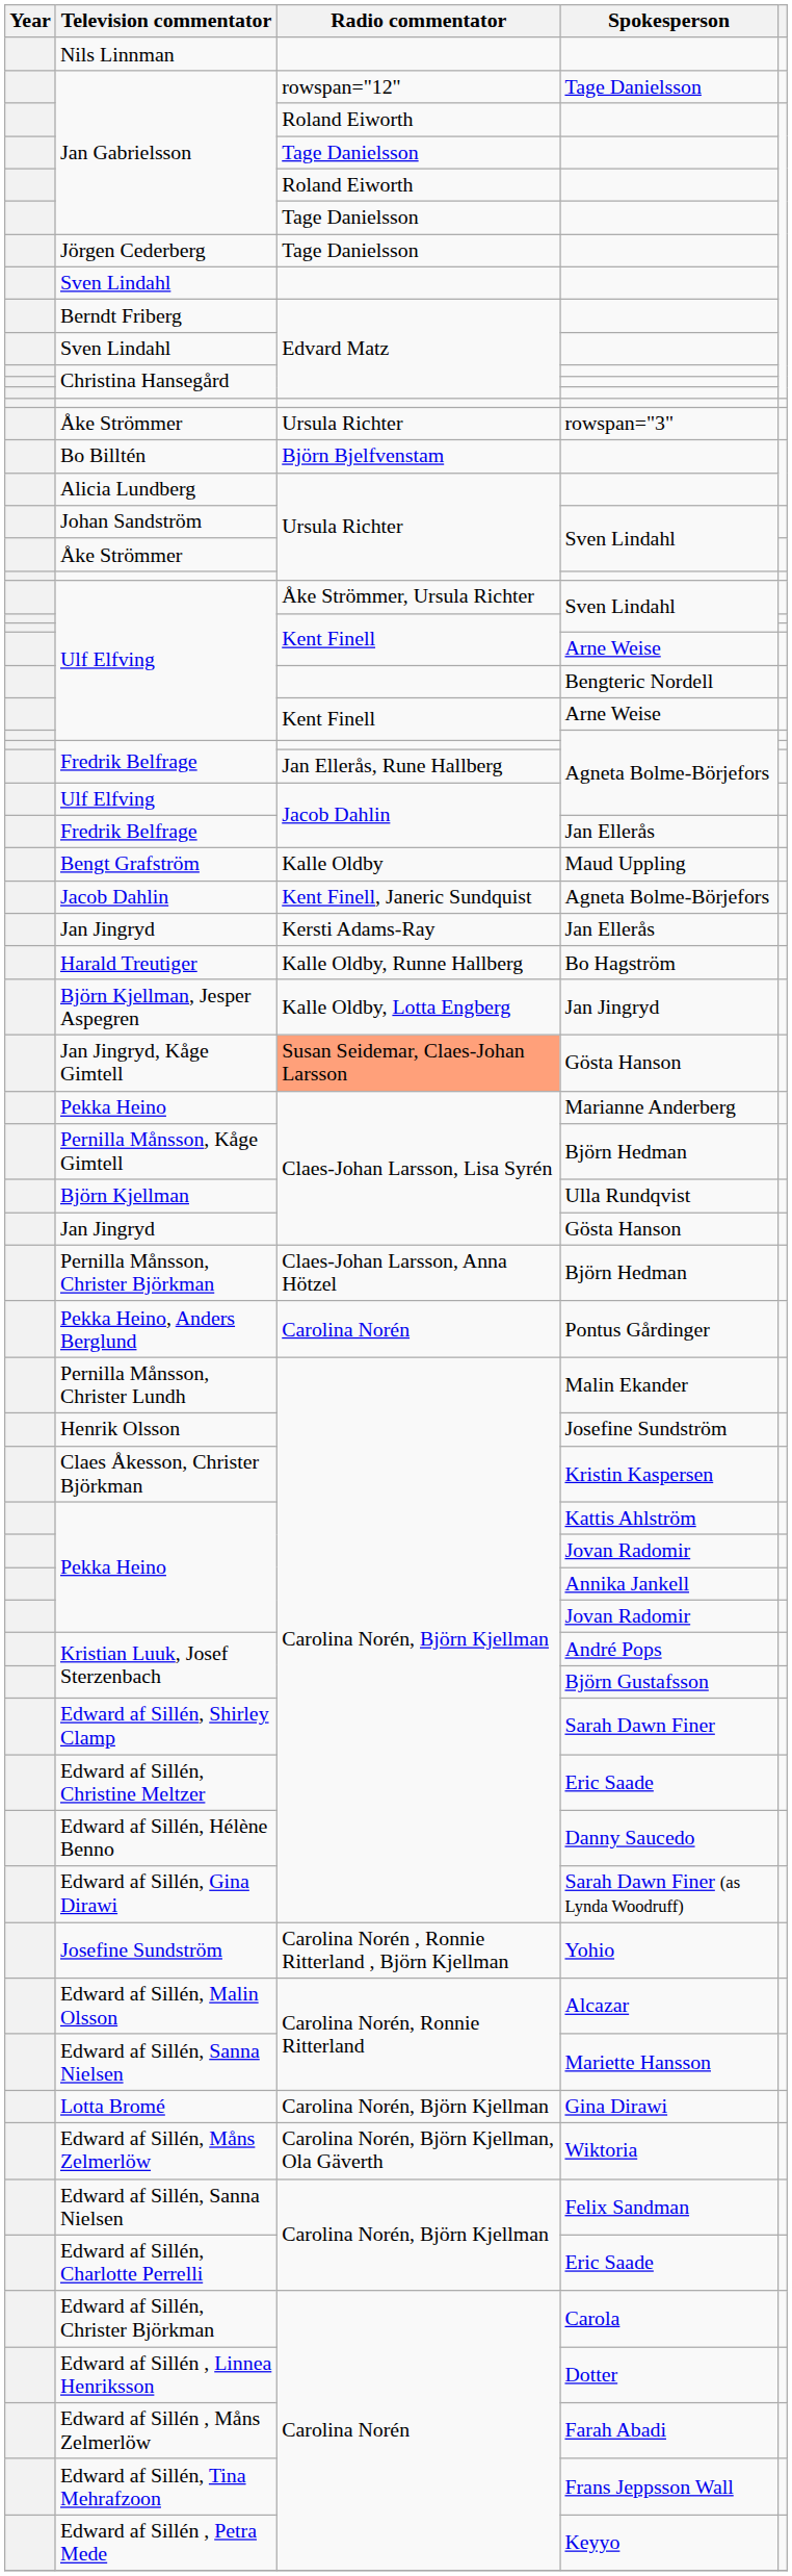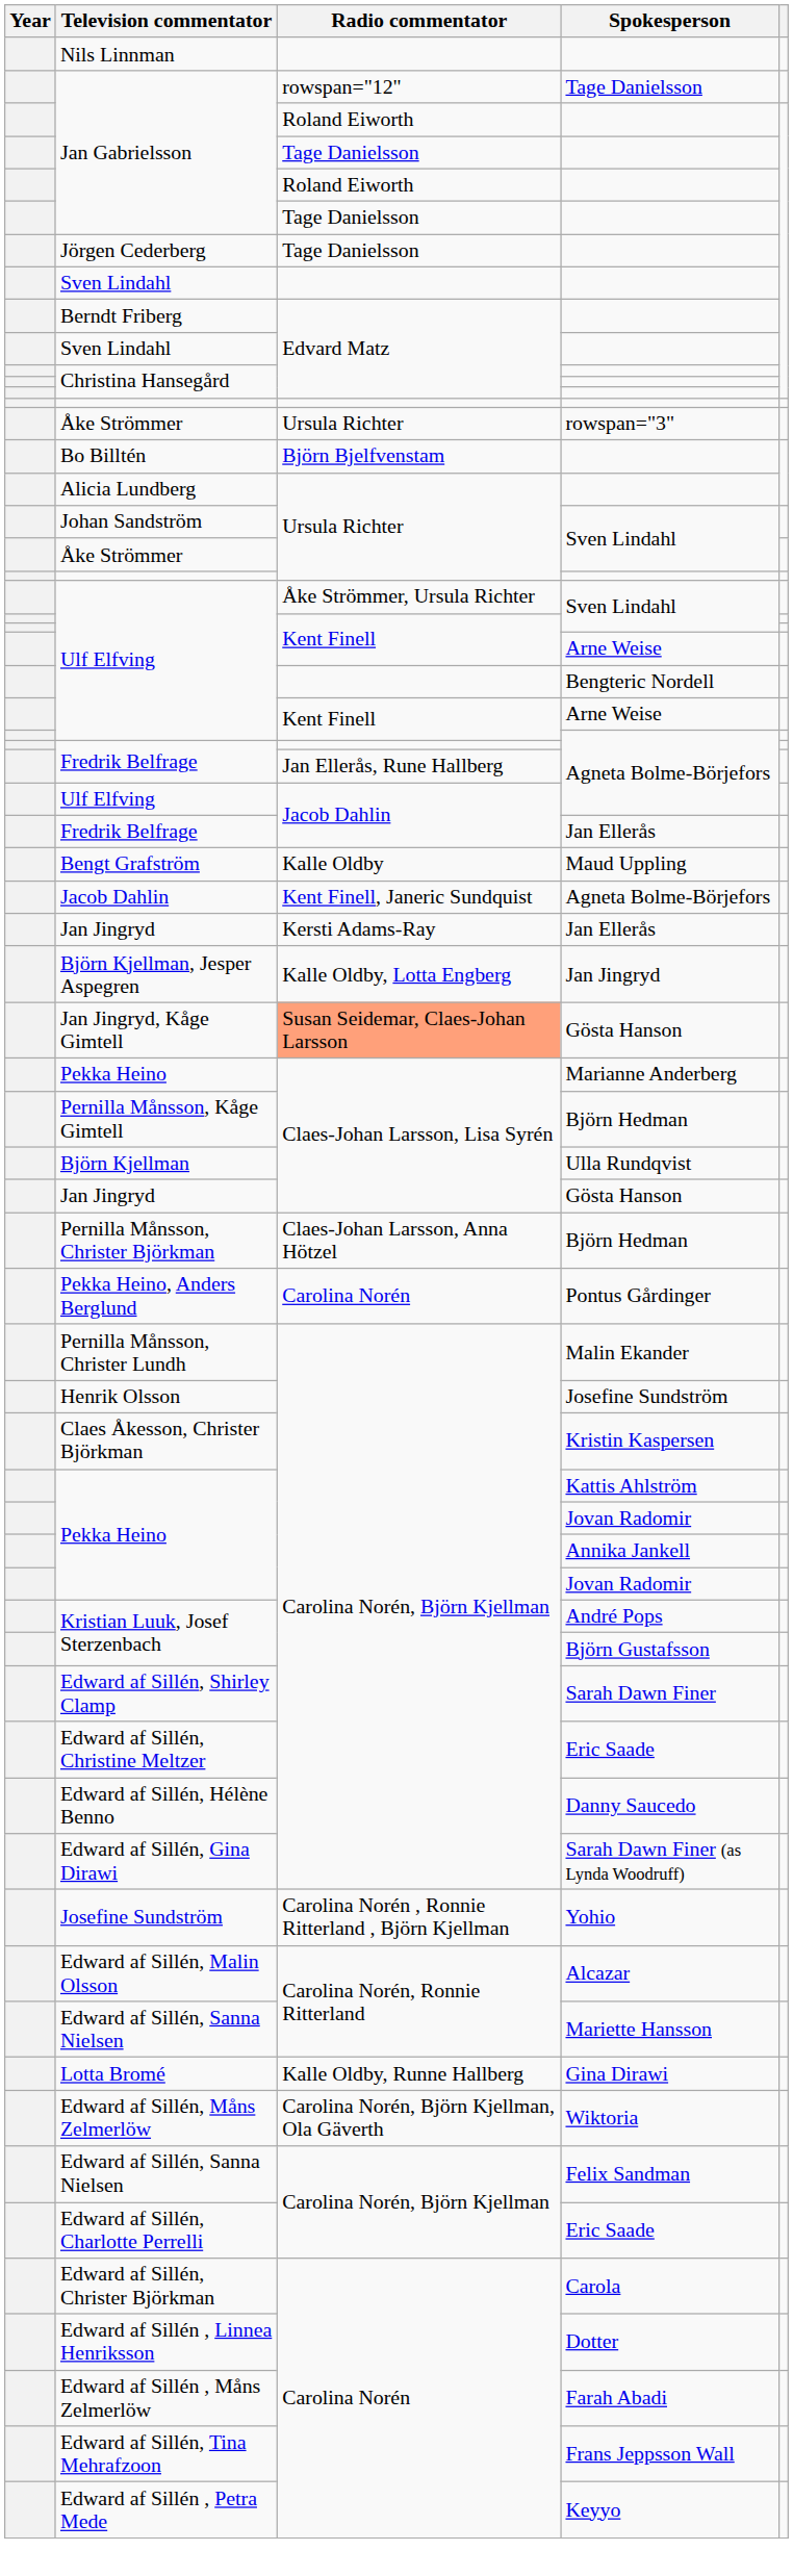 <table class="wikitable plainrowheaders sortable">
 <tr>
 <th>Year</th>
 <th>Television commentator</th>
 <th>Radio commentator</th>
 <th>Spokesperson</th>
 <th class="unsortable"></th>
 </tr>
 <tr>
 <th scope="row"></th>
 <td>Nils Linnman</td>
 <td></td>
 <td></td>
 <td></td>
 </tr>
 <tr>
 <th scope="row"></th>
 <td rowspan="5">Jan Gabrielsson</td>
 <td>rowspan="12" </td>
 <td><a href='#'>Tage Danielsson</a></td>
 <td></td>
 </tr>
 <tr>
 <th scope="row"></th>
 <td>Roland Eiworth</td>
 <td></td>
 </tr>
 <tr>
 <th scope="row"></th>
 <td><a href='#'>Tage Danielsson</a></td>
 <td></td>
 </tr>
 <tr>
 <th scope="row"></th>
 <td>Roland Eiworth</td>
 <td></td>
 </tr>
 <tr>
 <th scope="row"></th>
 <td>Tage Danielsson</td>
 <td></td>
 </tr>
 <tr>
 <th scope="row"></th>
 <td>Jörgen Cederberg</td>
 <td>Tage Danielsson</td>
 <td></td>
 </tr>
 <tr>
 <th scope="row"></th>
 <td><a href='#'>Sven Lindahl</a></td>
 <td></td>
 <td></td>
 </tr>
 <tr>
 <th scope="row"></th>
 <td>Berndt Friberg</td>
 <td rowspan="5">Edvard Matz</td>
 <td></td>
 </tr>
 <tr>
 <th scope="row"></th>
 <td>Sven Lindahl</td>
 <td></td>
 </tr>
 <tr>
 <th scope="row"></th>
 <td rowspan="3">Christina Hansegård</td>
 <td></td>
 </tr>
 <tr>
 <th scope="row"></th>
 <td></td>
 </tr>
 <tr>
 <th scope="row"></th>
 <td></td>
 </tr>
 <tr>
 <th scope="row"></th>
 <td></td>
 <td></td>
 <td></td>
 <td></td>
 </tr>
 <tr>
 <th scope="row"></th>
 <td>Åke Strömmer</td>
 <td>Ursula Richter</td>
 <td>rowspan="3" </td>
 <td></td>
 </tr>
 <tr>
 <th scope="row"></th>
 <td>Bo Billtén</td>
 <td><a href='#'>Björn Bjelfvenstam</a></td>
 <td></td>
 </tr>
 <tr>
 <th scope="row"></th>
 <td>Alicia Lundberg</td>
 <td rowspan="4">Ursula Richter</td>
 <td></td>
 </tr>
 <tr>
 <th scope="row"></th>
 <td>Johan Sandström</td>
 <td rowspan="2">Sven Lindahl</td>
 <td></td>
 </tr>
 <tr>
 <th scope="row"></th>
 <td>Åke Strömmer</td>
 <td></td>
 </tr>
 <tr>
 <th scope="row"></th>
 <td></td>
 <td></td>
 <td></td>
 </tr>
 <tr>
 <th scope="row"></th>
 <td rowspan="7"><a href='#'>Ulf Elfving</a></td>
 <td>Åke Strömmer, Ursula Richter</td>
 <td rowspan="3">Sven Lindahl</td>
 <td></td>
 </tr>
 <tr>
 <th scope="row"></th>
 <td rowspan="3"><a href='#'>Kent Finell</a></td>
 <td></td>
 </tr>
 <tr>
 <th scope="row"></th>
 <td></td>
 </tr>
 <tr>
 <th scope="row"></th>
 <td><a href='#'>Arne Weise</a></td>
 <td></td>
 </tr>
 <tr>
 <th scope="row"></th>
 <td></td>
 <td>Bengteric Nordell</td>
 <td></td>
 </tr>
 <tr>
 <th scope="row"></th>
 <td rowspan="2">Kent Finell</td>
 <td>Arne Weise</td>
 <td></td>
 </tr>
 <tr>
 <th scope="row"></th>
 <td rowspan="4">Agneta Bolme-Börjefors</td>
 <td></td>
 </tr>
 <tr>
 <th scope="row"></th>
 <td rowspan="2"><a href='#'>Fredrik Belfrage</a></td>
 <td></td>
 <td></td>
 </tr>
 <tr>
 <th scope="row"></th>
 <td>Jan Ellerås, Rune Hallberg</td>
 <td></td>
 </tr>
 <tr>
 <th scope="row"></th>
 <td><a href='#'>Ulf Elfving</a></td>
 <td rowspan="2"><a href='#'>Jacob Dahlin</a></td>
 <td></td>
 </tr>
 <tr>
 <th scope="row"></th>
 <td><a href='#'>Fredrik Belfrage</a></td>
 <td>Jan Ellerås</td>
 <td></td>
 </tr>
 <tr>
 <th scope="row"></th>
 <td><a href='#'>Bengt Grafström</a></td>
 <td>Kalle Oldby</td>
 <td>Maud Uppling</td>
 <td></td>
 </tr>
 <tr>
 <th scope="row"></th>
 <td><a href='#'>Jacob Dahlin</a></td>
 <td><a href='#'>Kent Finell</a>, Janeric Sundquist</td>
 <td>Agneta Bolme-Börjefors</td>
 <td></td>
 </tr>
 <tr>
 <th scope="row"></th>
 <td>Jan Jingryd</td>
 <td>Kersti Adams-Ray</td>
 <td>Jan Ellerås</td>
 <td></td>
 </tr>
 <tr>
 <th scope="row"></th>
-<td><a href='#'>Harald Treutiger</a></td>
-<td>Kalle Oldby, Runne Hallberg</td>
-<td>Bo Hagström</td>
-<td></td>
-</tr>
-<tr>
-<th scope="row"></th>
 <td><a href='#'>Björn Kjellman</a>, Jesper Aspegren</td>
 <td>Kalle Oldby, <a href='#'>Lotta Engberg</a></td>
 <td>Jan Jingryd</td>
 <td></td>
 </tr>
 <tr>
 <th scope="row"></th>
 <td>Jan Jingryd, Kåge Gimtell</td>
 <td style="background: lightsalmon;">Susan Seidemar, Claes-Johan Larsson</td>
 <td>Gösta Hanson</td>
 <td></td>
 </tr>
 <tr>
 <th scope="row"></th>
 <td><a href='#'>Pekka Heino</a></td>
 <td rowspan="4">Claes-Johan Larsson, Lisa Syrén</td>
 <td>Marianne Anderberg</td>
 <td></td>
 </tr>
 <tr>
 <th scope="row"></th>
 <td><a href='#'>Pernilla Månsson</a>, Kåge Gimtell</td>
 <td>Björn Hedman</td>
 <td></td>
 </tr>
 <tr>
 <th scope="row"></th>
 <td><a href='#'>Björn Kjellman</a></td>
 <td>Ulla Rundqvist</td>
 <td></td>
 </tr>
 <tr>
 <th scope="row"></th>
 <td>Jan Jingryd</td>
 <td>Gösta Hanson</td>
 <td></td>
 </tr>
 <tr>
 <th scope="row"></th>
 <td>Pernilla Månsson, <a href='#'>Christer Björkman</a></td>
 <td>Claes-Johan Larsson, Anna Hötzel</td>
 <td>Björn Hedman</td>
 <td></td>
 </tr>
 <tr>
 <th scope="row"></th>
 <td><a href='#'>Pekka Heino</a>, <a href='#'>Anders Berglund</a></td>
 <td><a href='#'>Carolina Norén</a></td>
 <td>Pontus Gårdinger</td>
 <td></td>
 </tr>
 <tr>
 <th scope="row"></th>
 <td>Pernilla Månsson, Christer Lundh</td>
 <td rowspan="13">Carolina Norén, <a href='#'>Björn Kjellman</a></td>
 <td>Malin Ekander</td>
 <td></td>
 </tr>
 <tr>
 <th scope="row"></th>
 <td>Henrik Olsson</td>
 <td>Josefine Sundström</td>
 <td></td>
 </tr>
 <tr>
 <th scope="row"></th>
 <td>Claes Åkesson, Christer Björkman</td>
 <td><a href='#'>Kristin Kaspersen</a></td>
 <td></td>
 </tr>
 <tr>
 <th scope="row"></th>
 <td rowspan="4"><a href='#'>Pekka Heino</a></td>
 <td><a href='#'>Kattis Ahlström</a></td>
 <td></td>
 </tr>
 <tr>
 <th scope="row"></th>
 <td><a href='#'>Jovan Radomir</a></td>
 <td></td>
 </tr>
 <tr>
 <th scope="row"></th>
 <td><a href='#'>Annika Jankell</a></td>
 <td></td>
 </tr>
 <tr>
 <th scope="row"></th>
 <td><a href='#'>Jovan Radomir</a></td>
 <td></td>
 </tr>
 <tr>
 <th scope="row"></th>
 <td rowspan="2"><a href='#'>Kristian Luuk</a>, Josef Sterzenbach</td>
 <td><a href='#'>André Pops</a></td>
 <td></td>
 </tr>
 <tr>
 <th scope="row"></th>
 <td><a href='#'>Björn Gustafsson</a></td>
 <td></td>
 </tr>
 <tr>
 <th scope="row"></th>
 <td><a href='#'>Edward af Sillén</a>, <a href='#'>Shirley Clamp</a></td>
 <td><a href='#'>Sarah Dawn Finer</a></td>
 <td></td>
 </tr>
 <tr>
 <th scope="row"></th>
 <td>Edward af Sillén, <a href='#'>Christine Meltzer</a></td>
 <td><a href='#'>Eric Saade</a></td>
 <td></td>
 </tr>
 <tr>
 <th scope="row"></th>
 <td>Edward af Sillén, Hélène Benno</td>
 <td><a href='#'>Danny Saucedo</a></td>
 <td></td>
 </tr>
 <tr>
 <th scope="row"></th>
 <td>Edward af Sillén, <a href='#'>Gina Dirawi</a></td>
 <td><a href='#'>Sarah Dawn Finer</a> <small>(as Lynda Woodruff)</small></td>
 <td></td>
 </tr>
 <tr>
 <th scope="row"></th>
 <td><a href='#'>Josefine Sundström</a></td>
 <td>Carolina Norén , Ronnie Ritterland , Björn Kjellman </td>
 <td><a href='#'>Yohio</a></td>
 <td></td>
 </tr>
 <tr>
 <th scope="row"></th>
 <td>Edward af Sillén, <a href='#'>Malin Olsson</a></td>
 <td rowspan="2">Carolina Norén, Ronnie Ritterland</td>
 <td><a href='#'>Alcazar</a></td>
 <td></td>
 </tr>
 <tr>
 <th scope="row"></th>
 <td>Edward af Sillén, <a href='#'>Sanna Nielsen</a></td>
 <td><a href='#'>Mariette Hansson</a></td>
 <td></td>
 </tr>
 <tr>
 <th scope="row"></th>
 <td><a href='#'>Lotta Bromé</a></td>
-<td>Carolina Norén, Björn Kjellman</td>
+<td>Kalle Oldby, Runne Hallberg</td>
 <td><a href='#'>Gina Dirawi</a></td>
 <td></td>
 </tr>
 <tr>
 <th scope="row"></th>
 <td>Edward af Sillén, <a href='#'>Måns Zelmerlöw</a></td>
 <td>Carolina Norén, Björn Kjellman, Ola Gäverth</td>
 <td><a href='#'>Wiktoria</a></td>
 <td></td>
 </tr>
 <tr>
 <th scope="row"></th>
 <td>Edward af Sillén, Sanna Nielsen</td>
 <td rowspan="2">Carolina Norén, Björn Kjellman</td>
 <td><a href='#'>Felix Sandman</a></td>
 <td></td>
 </tr>
 <tr>
 <th scope="row"></th>
 <td>Edward af Sillén, <a href='#'>Charlotte Perrelli</a></td>
 <td><a href='#'>Eric Saade</a></td>
 <td></td>
 </tr>
 <tr>
 <th scope="row"></th>
 <td>Edward af Sillén, Christer Björkman</td>
 <td rowspan="5">Carolina Norén</td>
 <td><a href='#'>Carola</a></td>
 <td></td>
 </tr>
 <tr>
 <th scope="row"></th>
 <td>Edward af Sillén , <a href='#'>Linnea Henriksson</a> </td>
 <td><a href='#'>Dotter</a></td>
 <td></td>
 </tr>
 <tr>
 <th scope="row"></th>
 <td>Edward af Sillén , Måns Zelmerlöw </td>
 <td><a href='#'>Farah Abadi</a></td>
 <td></td>
 </tr>
 <tr>
 <th scope="row"></th>
 <td>Edward af Sillén, <a href='#'>Tina Mehrafzoon</a></td>
 <td><a href='#'>Frans Jeppsson Wall</a></td>
 <td></td>
 </tr>
 <tr>
 <th scope="row"></th>
 <td>Edward af Sillén , <a href='#'>Petra Mede</a> </td>
 <td><a href='#'>Keyyo</a></td>
 <td {{center></td>
 </tr>
 <tr>
 </tr>
 </table>
